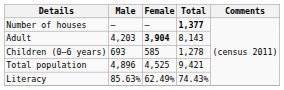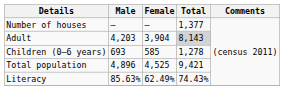 <table class="wikitable sortable">
 <tr>
 <th>Details</th>
 <th>Male</th>
 <th>Female</th>
 <th>Total</th>
 <th>Comments</th>
 </tr>
 <tr>
 <td>Number of houses</td>
 <td>–</td>
 <td>–</td>
-<td><strong>1,377</strong></td>
+<td>1,377</td>
 <td rowspan="5">(census 2011)</td>
 </tr>
 <tr>
 <td>Adult</td>
 <td>4,203</td>
-<td><strong>3,904</strong></td>
-<td>8,143</td>
+<td>3,904</td>
+<td style="background: lightgrey;">8,143</td>
 </tr>
 <tr>
 <td>Children (0–6 years)</td>
 <td>693</td>
 <td>585</td>
 <td>1,278</td>
 </tr>
 <tr>
 <td>Total population</td>
 <td>4,896</td>
 <td>4,525</td>
 <td>9,421</td>
 </tr>
 <tr>
 <td>Literacy</td>
 <td>85.63%</td>
 <td>62.49%</td>
 <td>74.43%</td>
 </tr>
 <tr>
 </tr>
 </table>
